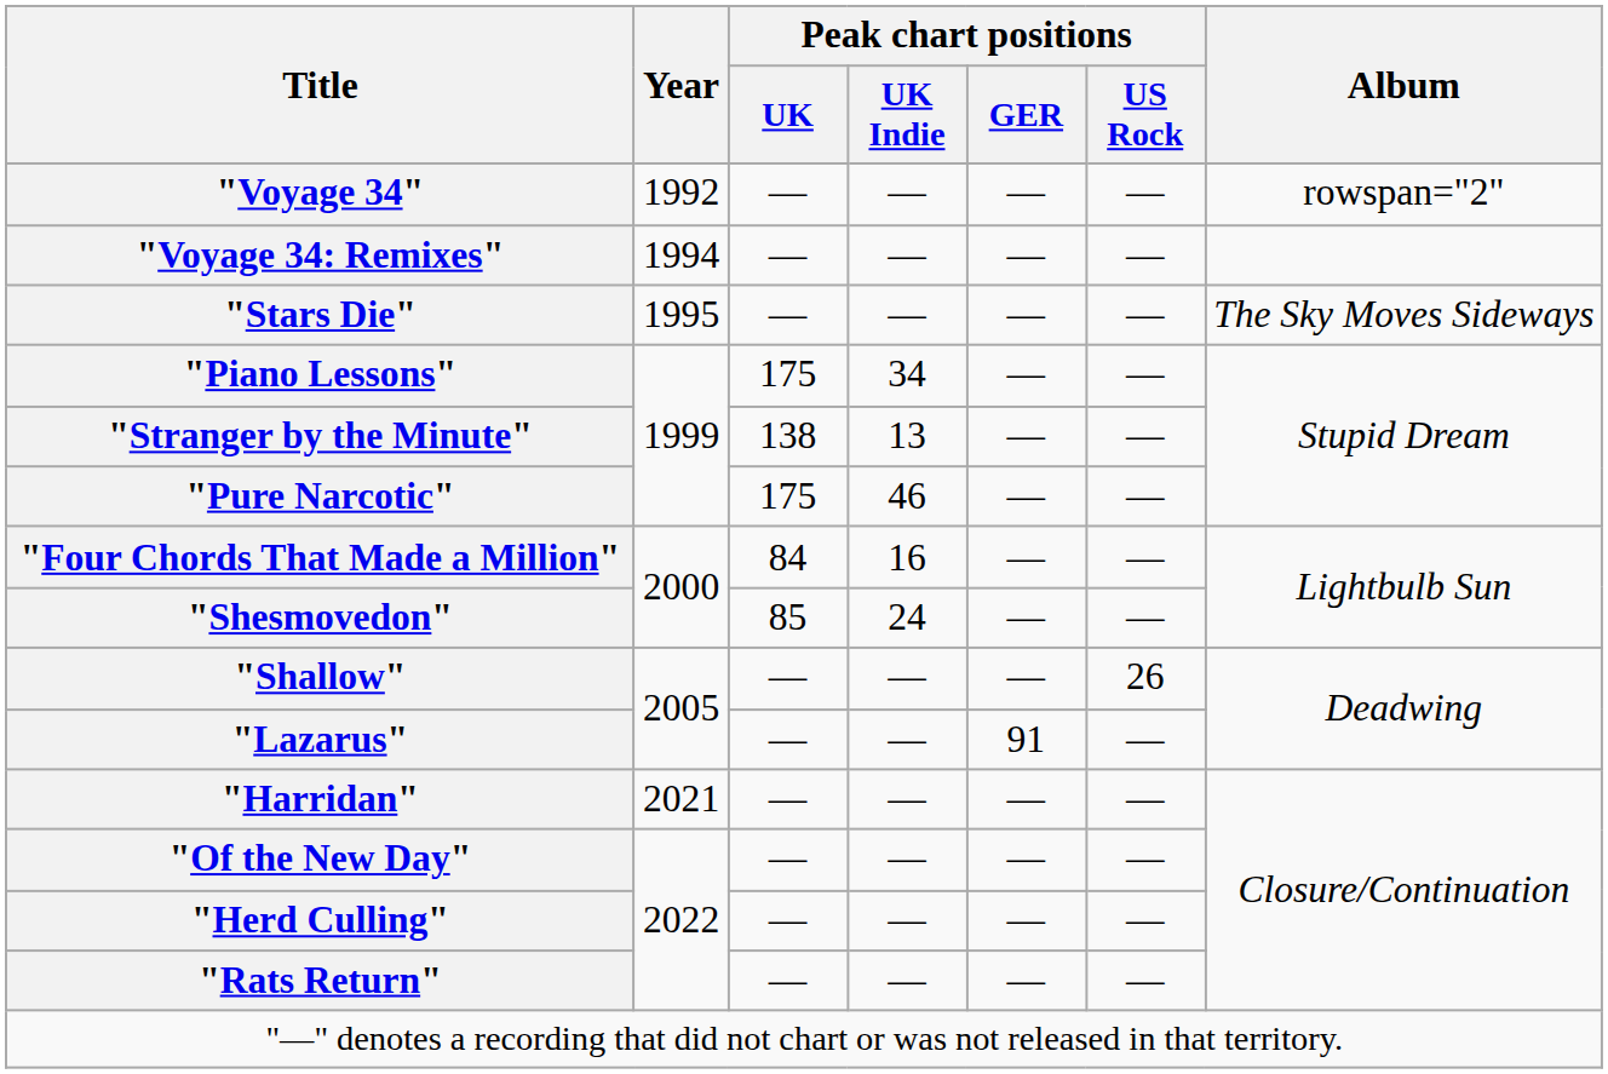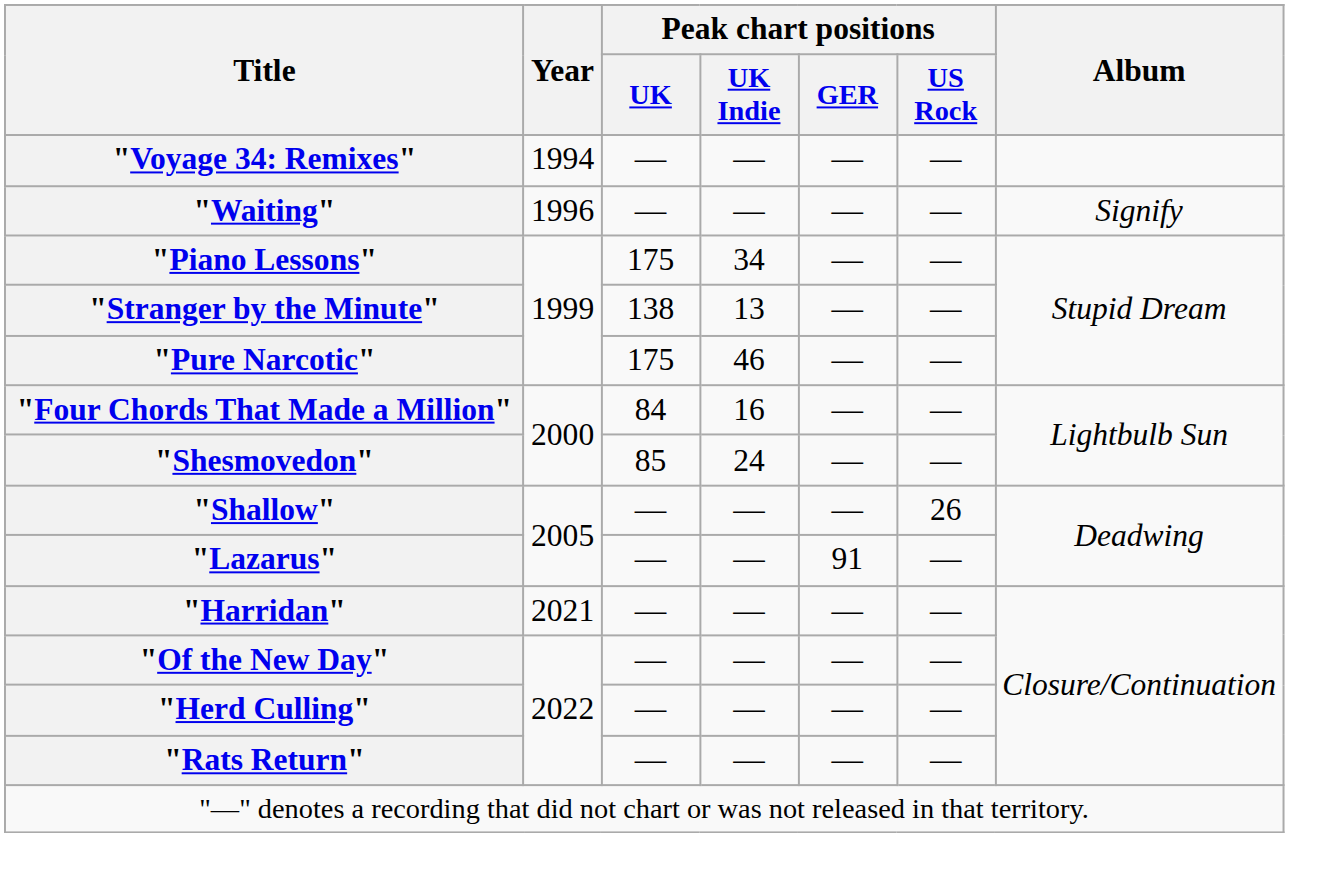 <table class="wikitable plainrowheaders" style="text-align:center;" border="1">
 <tr>
 <th scope="col" rowspan="2" style="width:16em;">Title</th>
 <th scope="col" rowspan="2">Year</th>
 <th scope="col" colspan="4">Peak chart positions</th>
 <th scope="col" rowspan="2">Album</th>
 </tr>
 <tr>
 <th scope="col" style="width:3em;font-size:90%;"><a href='#'>UK</a><br></th>
 <th scope="col" style="width:3em;font-size:90%;"><a href='#'>UK <br>Indie</a></th>
 <th scope="col" style="width:3em;font-size:90%;"><a href='#'>GER</a><br></th>
 <th scope="col" style="width:3em;font-size:90%;"><a href='#'>US Rock</a><br></th>
 </tr>
 <tr>
-<th scope="row">"<a href='#'>Voyage 34</a>"</th>
-<td>1992</td>
-<td>—</td>
-<td>—</td>
-<td>—</td>
-<td>—</td>
-<td>rowspan="2" </td>
-</tr>
-<tr>
 <th scope="row">"<a href='#'>Voyage 34: Remixes</a>"</th>
 <td>1994</td>
 <td>—</td>
 <td>—</td>
 <td>—</td>
 <td>—</td>
 </tr>
 <tr>
-<th scope="row">"<a href='#'>Stars Die</a>"</th>
-<td>1995</td>
+<th scope="row">"<a href='#'>Waiting</a>"</th>
+<td>1996</td>
 <td>—</td>
 <td>—</td>
 <td>—</td>
 <td>—</td>
-<td><em>The Sky Moves Sideways</em></td>
+<td><em>Signify</em></td>
 </tr>
 <tr>
 <th scope="row">"<a href='#'>Piano Lessons</a>"</th>
 <td rowspan="3">1999</td>
 <td>175</td>
 <td>34</td>
 <td>—</td>
 <td>—</td>
 <td rowspan="3"><em>Stupid Dream</em></td>
 </tr>
 <tr>
 <th scope="row">"<a href='#'>Stranger by the Minute</a>"</th>
 <td>138</td>
 <td>13</td>
 <td>—</td>
 <td>—</td>
 </tr>
 <tr>
 <th scope="row">"<a href='#'>Pure Narcotic</a>"</th>
 <td>175</td>
 <td>46</td>
 <td>—</td>
 <td>—</td>
 </tr>
 <tr>
 <th scope="row">"<a href='#'>Four Chords That Made a Million</a>"</th>
 <td rowspan="2">2000</td>
 <td>84</td>
 <td>16</td>
 <td>—</td>
 <td>—</td>
 <td rowspan="2"><em>Lightbulb Sun</em></td>
 </tr>
 <tr>
 <th scope="row">"<a href='#'>Shesmovedon</a>"</th>
 <td>85</td>
 <td>24</td>
 <td>—</td>
 <td>—</td>
 </tr>
 <tr>
 <th scope="row">"<a href='#'>Shallow</a>" </th>
 <td rowspan="2">2005</td>
 <td>—</td>
 <td>—</td>
 <td>—</td>
 <td>26</td>
 <td rowspan="2"><em>Deadwing</em></td>
 </tr>
 <tr>
 <th scope="row">"<a href='#'>Lazarus</a>"</th>
 <td>—</td>
 <td>—</td>
 <td>91</td>
 <td>—</td>
 </tr>
 <tr>
 <th scope="row">"<a href='#'>Harridan</a>"</th>
 <td>2021</td>
 <td>—</td>
 <td>—</td>
 <td>—</td>
 <td>—</td>
 <td rowspan="4"><em>Closure/Continuation</em></td>
 </tr>
 <tr>
 <th scope="row">"<a href='#'>Of the New Day</a>"</th>
 <td rowspan="3">2022</td>
 <td>—</td>
 <td>—</td>
 <td>—</td>
 <td>—</td>
 </tr>
 <tr>
 <th scope="row">"<a href='#'>Herd Culling</a>"</th>
 <td>—</td>
 <td>—</td>
 <td>—</td>
 <td>—</td>
 </tr>
 <tr>
 <th scope="row">"<a href='#'>Rats Return</a>"</th>
 <td>—</td>
 <td>—</td>
 <td>—</td>
 <td>—</td>
 </tr>
 <tr>
 <td colspan="7" style="font-size:90%">"—" denotes a recording that did not chart or was not released in that territory.</td>
 </tr>
 </table>
